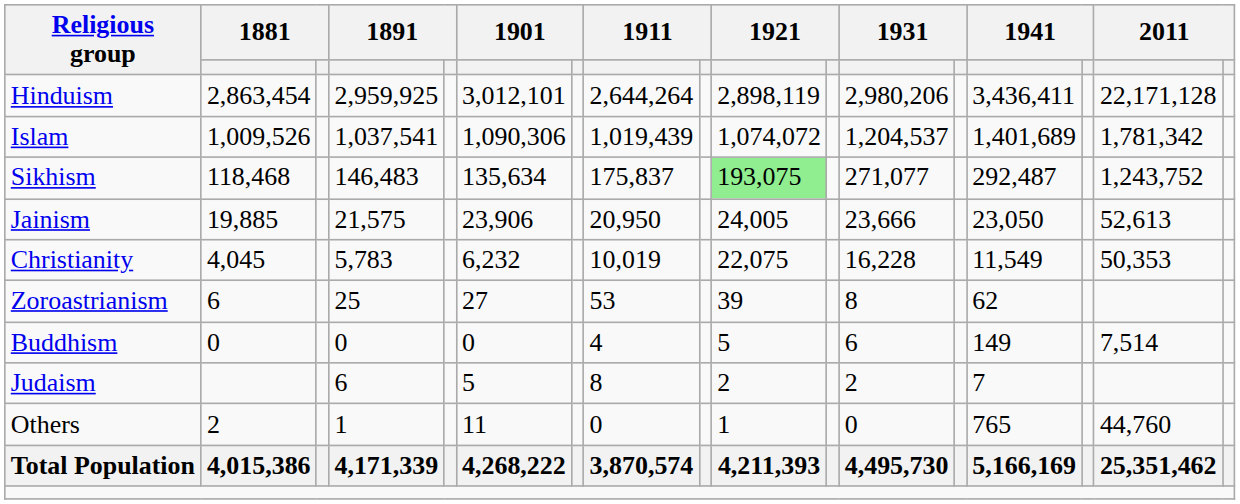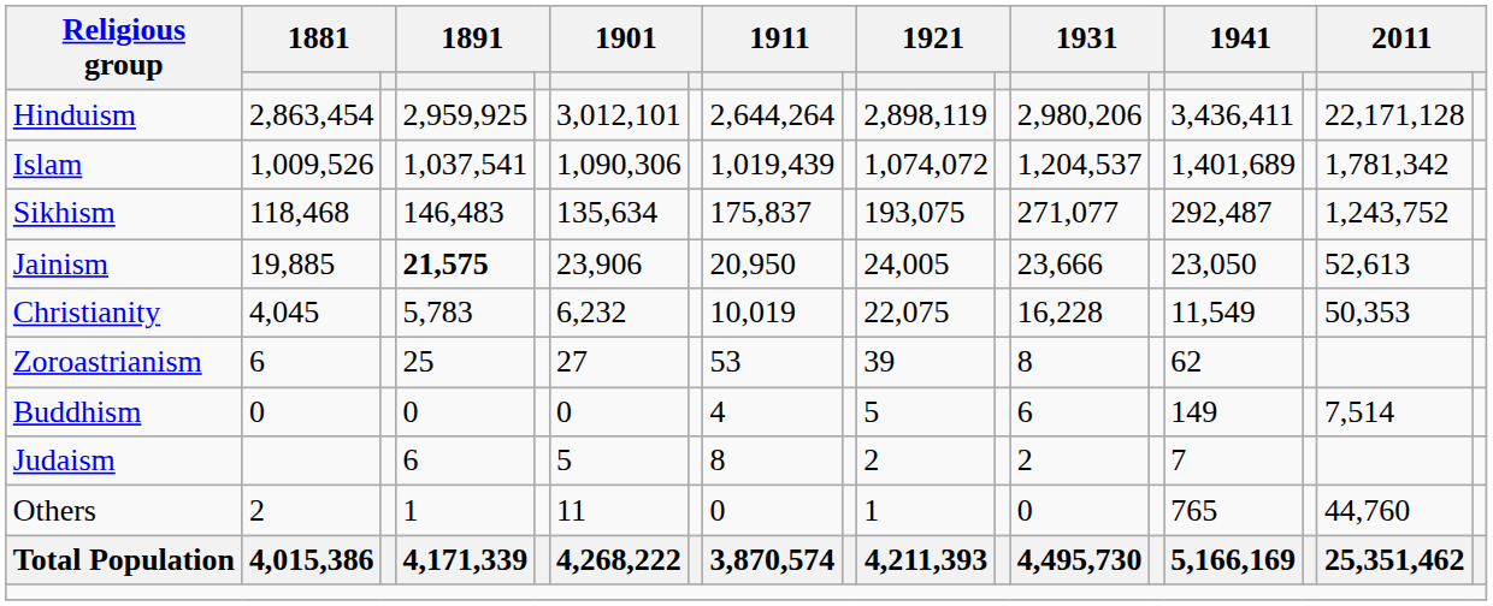 <table class="wikitable sortable">
 <tr>
 <th rowspan="2"><a href='#'>Religious</a><br>group</th>
 <th colspan="2">1881</th>
 <th colspan="2">1891</th>
 <th colspan="2">1901</th>
 <th colspan="2">1911</th>
 <th colspan="2">1921</th>
 <th colspan="2">1931</th>
 <th colspan="2">1941</th>
 <th colspan="2">2011</th>
 </tr>
 <tr>
 <th><a href='#'></a></th>
 <th></th>
 <th></th>
 <th></th>
 <th></th>
 <th></th>
 <th></th>
 <th></th>
 <th></th>
 <th></th>
 <th></th>
 <th></th>
 <th></th>
 <th></th>
 <th></th>
 <th></th>
 </tr>
 <tr>
 <td><a href='#'>Hinduism</a> </td>
 <td>2,863,454</td>
 <td></td>
 <td>2,959,925</td>
 <td></td>
 <td>3,012,101</td>
 <td></td>
 <td>2,644,264</td>
 <td></td>
 <td>2,898,119</td>
 <td></td>
 <td>2,980,206</td>
 <td></td>
 <td>3,436,411</td>
 <td></td>
 <td>22,171,128</td>
 <td></td>
 </tr>
 <tr>
 <td><a href='#'>Islam</a> </td>
 <td>1,009,526</td>
 <td></td>
 <td>1,037,541</td>
 <td></td>
 <td>1,090,306</td>
 <td></td>
 <td>1,019,439</td>
 <td></td>
 <td>1,074,072</td>
 <td></td>
 <td>1,204,537</td>
 <td></td>
 <td>1,401,689</td>
 <td></td>
 <td>1,781,342</td>
 <td></td>
 </tr>
 <tr>
 <td><a href='#'>Sikhism</a> </td>
 <td>118,468</td>
 <td></td>
 <td>146,483</td>
 <td></td>
 <td>135,634</td>
 <td></td>
 <td>175,837</td>
 <td></td>
-<td style="background: lightgreen;">193,075</td>
+<td>193,075</td>
 <td></td>
 <td>271,077</td>
 <td></td>
 <td>292,487</td>
 <td></td>
 <td>1,243,752</td>
 <td></td>
 </tr>
 <tr>
 <td><a href='#'>Jainism</a> </td>
 <td>19,885</td>
 <td></td>
-<td>21,575</td>
+<td><strong>21,575</strong></td>
 <td></td>
 <td>23,906</td>
 <td></td>
 <td>20,950</td>
 <td></td>
 <td>24,005</td>
 <td></td>
 <td>23,666</td>
 <td></td>
 <td>23,050</td>
 <td></td>
 <td>52,613</td>
 <td></td>
 </tr>
 <tr>
 <td><a href='#'>Christianity</a> </td>
 <td>4,045</td>
 <td></td>
 <td>5,783</td>
 <td></td>
 <td>6,232</td>
 <td></td>
 <td>10,019</td>
 <td></td>
 <td>22,075</td>
 <td></td>
 <td>16,228</td>
 <td></td>
 <td>11,549</td>
 <td></td>
 <td>50,353</td>
 <td></td>
 </tr>
 <tr>
 <td><a href='#'>Zoroastrianism</a> </td>
 <td>6</td>
 <td></td>
 <td>25</td>
 <td></td>
 <td>27</td>
 <td></td>
 <td>53</td>
 <td></td>
 <td>39</td>
 <td></td>
 <td>8</td>
 <td></td>
 <td>62</td>
 <td></td>
 <td></td>
 <td></td>
 </tr>
 <tr>
 <td><a href='#'>Buddhism</a> </td>
 <td>0</td>
 <td></td>
 <td>0</td>
 <td></td>
 <td>0</td>
 <td></td>
 <td>4</td>
 <td></td>
 <td>5</td>
 <td></td>
 <td>6</td>
 <td></td>
 <td>149</td>
 <td></td>
 <td>7,514</td>
 <td></td>
 </tr>
 <tr>
 <td><a href='#'>Judaism</a> </td>
 <td></td>
 <td></td>
 <td>6</td>
 <td></td>
 <td>5</td>
 <td></td>
 <td>8</td>
 <td></td>
 <td>2</td>
 <td></td>
 <td>2</td>
 <td></td>
 <td>7</td>
 <td></td>
 <td></td>
 <td></td>
 </tr>
 <tr>
 <td>Others</td>
 <td>2</td>
 <td></td>
 <td>1</td>
 <td></td>
 <td>11</td>
 <td></td>
 <td>0</td>
 <td></td>
 <td>1</td>
 <td></td>
 <td>0</td>
 <td></td>
 <td>765</td>
 <td></td>
 <td>44,760</td>
 <td></td>
 </tr>
 <tr>
 <th>Total Population</th>
 <th>4,015,386</th>
 <th></th>
 <th>4,171,339</th>
 <th></th>
 <th>4,268,222</th>
 <th></th>
 <th>3,870,574</th>
 <th></th>
 <th>4,211,393</th>
 <th></th>
 <th>4,495,730</th>
 <th></th>
 <th>5,166,169</th>
 <th></th>
 <th>25,351,462</th>
 <th></th>
 </tr>
 <tr class="sortbottom">
 <td colspan="20"></td>
 </tr>
 </table>
